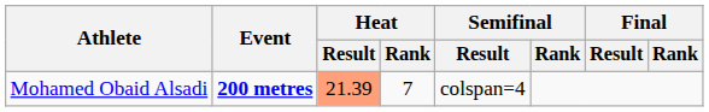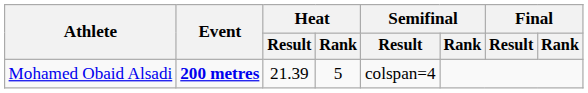 <table class="wikitable" style="font-size:90%">
 <tr>
 <th rowspan="2">Athlete</th>
 <th rowspan="2">Event</th>
 <th colspan="2">Heat</th>
 <th colspan="2">Semifinal</th>
 <th colspan="2">Final</th>
 </tr>
 <tr style="font-size:95%">
 <th>Result</th>
 <th>Rank</th>
 <th>Result</th>
 <th>Rank</th>
 <th>Result</th>
 <th>Rank</th>
 </tr>
 <tr align=center>
 <td align=left><a href='#'>Mohamed Obaid Alsadi</a></td>
 <td align=left><strong><a href='#'>200 metres</a></strong></td>
-<td style="background: lightsalmon;">21.39</td>
-<td>7</td>
+<td>21.39</td>
+<td>5</td>
 <td>colspan=4 </td>
 </tr>
 </table>
